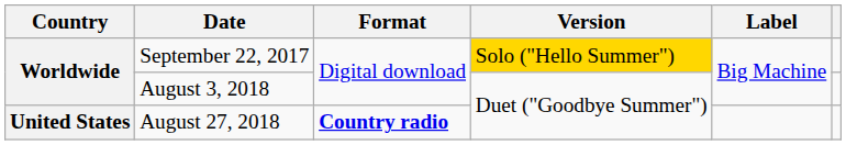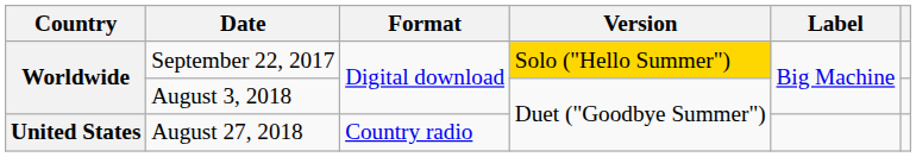 <table class="wikitable plainrowheaders">
 <tr>
 <th>Country</th>
 <th>Date</th>
 <th>Format</th>
 <th>Version</th>
 <th>Label</th>
 <th></th>
 </tr>
 <tr>
 <th scope="row" rowspan="2">Worldwide</th>
 <td>September 22, 2017</td>
 <td rowspan="2"><a href='#'>Digital download</a></td>
 <td style="background: gold;">Solo ("Hello Summer")</td>
 <td rowspan="2"><a href='#'>Big Machine</a></td>
 <td></td>
 </tr>
 <tr>
 <td>August 3, 2018</td>
 <td rowspan="2">Duet ("Goodbye Summer")</td>
 <td></td>
 </tr>
 <tr>
 <th scope="row">United States</th>
 <td>August 27, 2018</td>
-<td><strong><a href='#'>Country radio</a></strong></td>
+<td><a href='#'>Country radio</a></td>
 <td></td>
 <td></td>
 </tr>
 </table>
